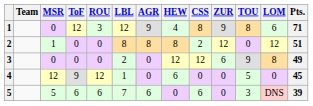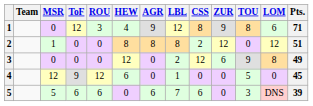 <table class="wikitable" style="font-size:77%; text-align:center">
 <tr>
 <th></th>
 <th>Team</th>
 <th><a href='#'>MSR</a></th>
 <th><a href='#'>ToF</a></th>
 <th><a href='#'>ROU</a></th>
+<th><a href='#'>HEW</a></th>
+<th><a href='#'>AGR</a></th>
 <th><a href='#'>LBL</a></th>
-<th><a href='#'>AGR</a></th>
-<th><a href='#'>HEW</a></th>
 <th><a href='#'>CSS</a></th>
 <th><a href='#'>ZUR</a></th>
 <th><a href='#'>TOU</a></th>
 <th><a href='#'>LOM</a></th>
 <th>Pts.</th>
 </tr>
 <tr>
 <th>1</th>
 <td style="text-align:left;"></td>
 <td style="background:#EFCFFF;">0</td>
 <td style="background:#FFFFBF;">12</td>
 <td style="background:#dfffdf;">3</td>
+<td style="background:#dfffdf;">4</td>
+<td style="background:#dfdfdf;">9</td>
 <td style="background:#FFFFBF;">12</td>
-<td style="background:#dfdfdf;">9</td>
-<td style="background:#dfffdf;">4</td>
 <td style="background:#ffdf9f;">8</td>
 <td style="background:#dfdfdf;">9</td>
 <td style="background:#ffdf9f;">8</td>
 <td style="background:#dfffdf;">6</td>
 <th>71</th>
 </tr>
 <tr>
 <th>2</th>
 <td style="text-align:left;"></td>
 <td style="background:#dfffdf;">1</td>
 <td style="background:#EFCFFF;">0</td>
 <td style="background:#EFCFFF;">0</td>
 <td style="background:#ffdf9f;">8</td>
 <td style="background:#ffdf9f;">8</td>
 <td style="background:#ffdf9f;">8</td>
 <td style="background:#dfffdf;">2</td>
 <td style="background:#FFFFBF;">12</td>
 <td style="background:#EFCFFF;">0</td>
 <td style="background:#FFFFBF;">12</td>
 <th>51</th>
 </tr>
 <tr>
 <th>3</th>
 <td style="text-align:left;"></td>
 <td style="background:#EFCFFF;">0</td>
 <td style="background:#EFCFFF;">0</td>
 <td style="background:#EFCFFF;">0</td>
+<td style="background:#FFFFBF;">12</td>
+<td style="background:#EFCFFF;">0</td>
 <td style="background:#dfffdf;">2</td>
-<td style="background:#EFCFFF;">0</td>
-<td style="background:#FFFFBF;">12</td>
 <td style="background:#FFFFBF;">12</td>
 <td style="background:#dfffdf;">6</td>
 <td style="background:#dfdfdf;">9</td>
 <td style="background:#ffdf9f;">8</td>
 <th>49</th>
 </tr>
 <tr>
 <th>4</th>
 <td style="text-align:left;"></td>
 <td style="background:#FFFFBF;">12</td>
 <td style="background:#dfdfdf;">9</td>
 <td style="background:#FFFFBF;">12</td>
+<td style="background:#dfffdf;">6</td>
+<td style="background:#EFCFFF;">0</td>
 <td style="background:#dfffdf;">1</td>
-<td style="background:#EFCFFF;">0</td>
-<td style="background:#dfffdf;">6</td>
 <td style="background:#EFCFFF;">0</td>
 <td style="background:#EFCFFF;">0</td>
 <td style="background:#dfffdf;">5</td>
 <td style="background:#EFCFFF;">0</td>
 <th>45</th>
 </tr>
 <tr>
 <th>5</th>
 <td style="text-align:left;"></td>
 <td style="background:#dfffdf;">5</td>
 <td style="background:#dfffdf;">6</td>
 <td style="background:#dfffdf;">6</td>
+<td style="background:#EFCFFF;">0</td>
+<td style="background:#dfffdf;">6</td>
 <td style="background:#dfffdf;">7</td>
-<td style="background:#dfffdf;">6</td>
-<td style="background:#EFCFFF;">0</td>
 <td style="background:#dfffdf;">6</td>
 <td style="background:#EFCFFF;">0</td>
 <td style="background:#dfffdf;">3</td>
 <td style="background:#FFCFCF;">DNS</td>
 <th>39</th>
 </tr>
 </table>
